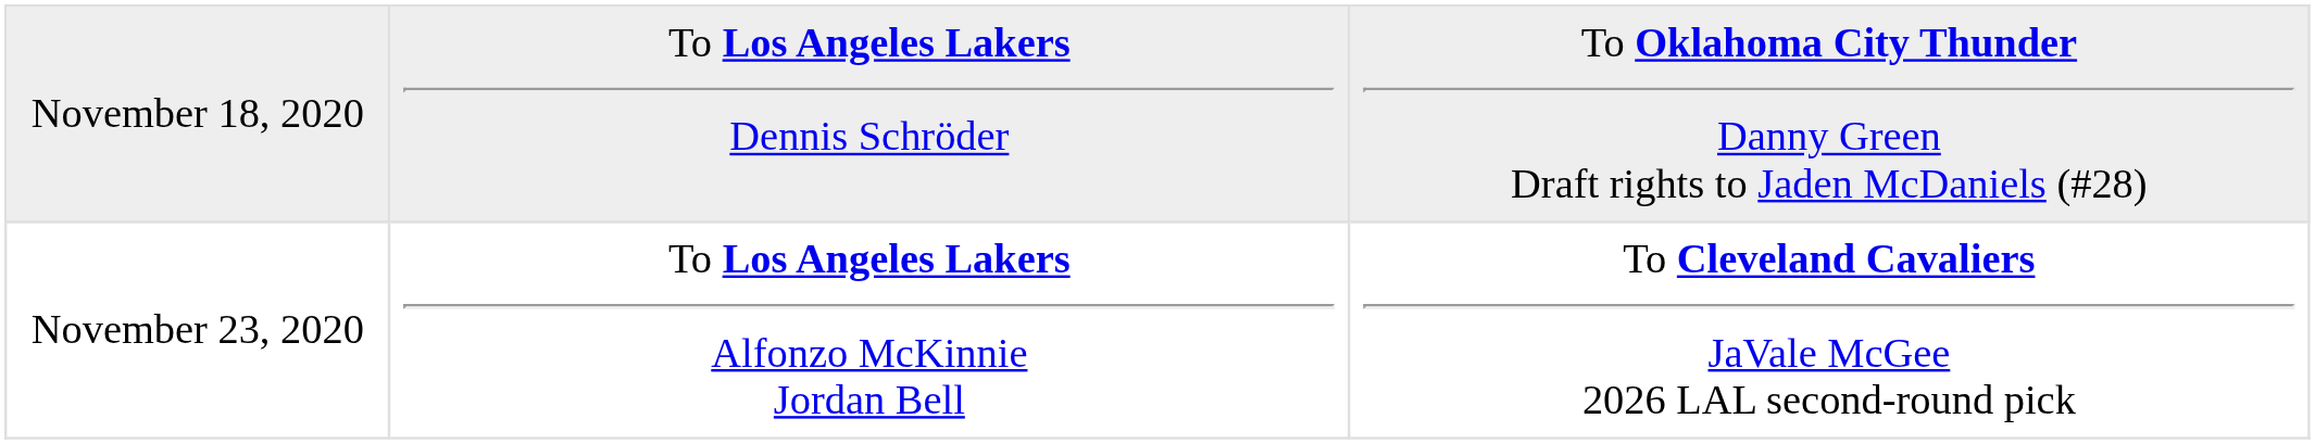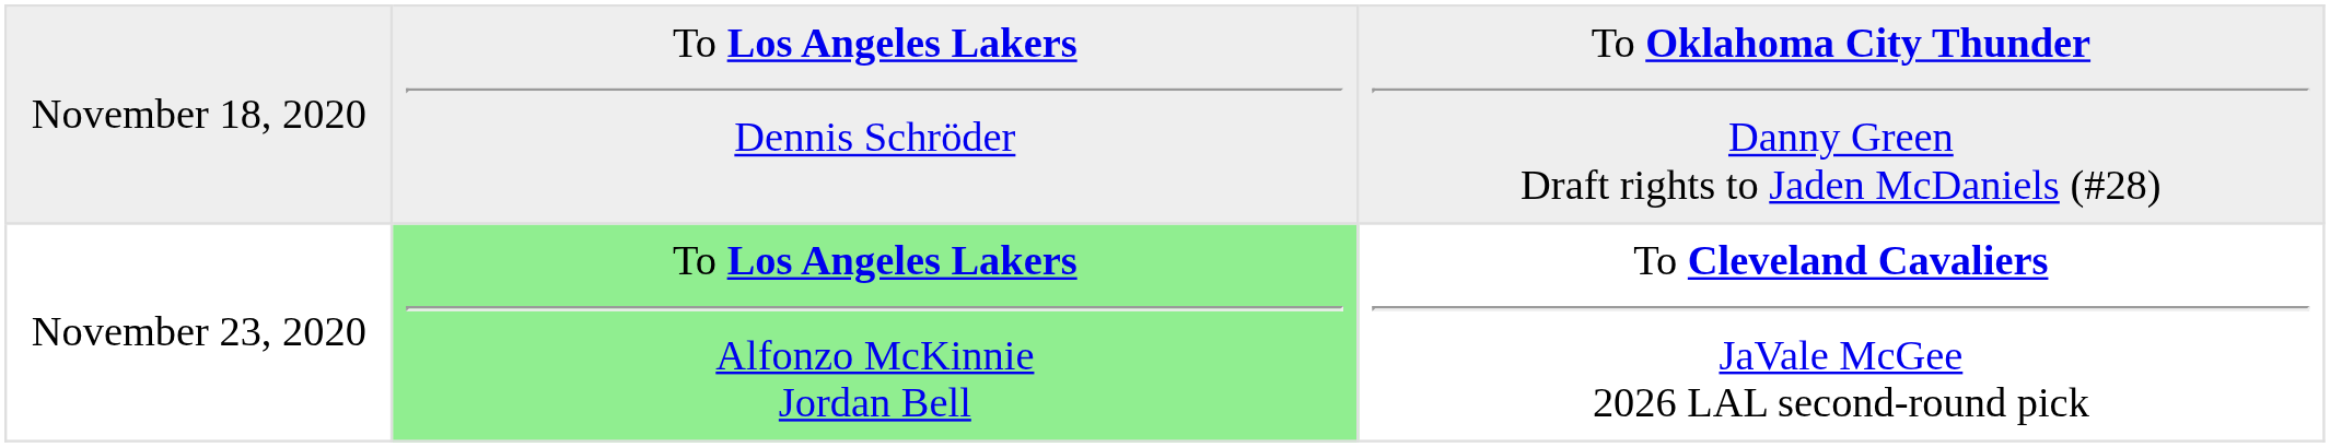 <table border=1 style="border-collapse:collapse; text-align: center; width: 100%" bordercolor="#DFDFDF"  cellpadding="5">
 <tr style="background:#eee;">
 <td style="width:12%">November 18, 2020</td>
 <td style="width:30%" valign="top">To <strong><a href='#'>Los Angeles Lakers</a></strong><hr><a href='#'>Dennis Schröder</a></td>
 <td style="width:30%" valign="top">To <strong><a href='#'>Oklahoma City Thunder</a></strong><hr><a href='#'>Danny Green</a><br>Draft rights to <a href='#'>Jaden McDaniels</a> (#28)</td>
 </tr>
 <tr>
 <td style="width:12%">November 23, 2020</td>
-<td style="width:30%" valign="top">To <strong><a href='#'>Los Angeles Lakers</a></strong><hr><a href='#'>Alfonzo McKinnie</a><br><a href='#'>Jordan Bell</a></td>
+<td style="background: lightgreen; width:30%" valign="top">To <strong><a href='#'>Los Angeles Lakers</a></strong><hr><a href='#'>Alfonzo McKinnie</a><br><a href='#'>Jordan Bell</a></td>
 <td style="width:30%" valign="top">To <strong><a href='#'>Cleveland Cavaliers</a></strong><hr><a href='#'>JaVale McGee</a><br>2026 LAL second-round pick</td>
 </tr>
 </table>
